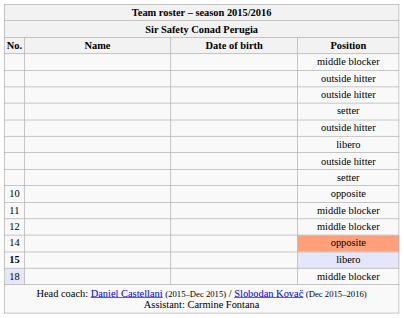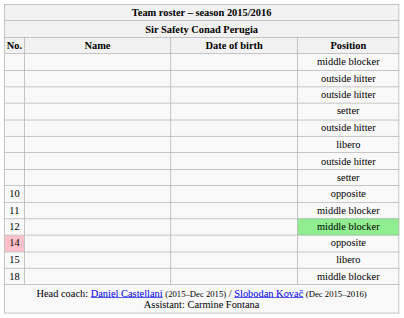 <table class="wikitable collapsible collapsed sortable" style="font-size:100%; text-align:center;">
 <tr>
 <th colspan=6>Team roster – season 2015/2016</th>
 </tr>
 <tr>
 <th colspan=6>Sir Safety Conad Perugia</th>
 </tr>
 <tr>
 <th>No.</th>
 <th style="width:15em">Name</th>
 <th style="width:13em">Date of birth</th>
 <th style="width:10em">Position</th>
 </tr>
 <tr>
 <td></td>
 <td align=left> </td>
 <td align=right></td>
 <td>middle blocker</td>
 </tr>
 <tr>
 <td></td>
 <td align=left> </td>
 <td align=right></td>
 <td>outside hitter</td>
 </tr>
 <tr>
 <td></td>
 <td align=left>  </td>
 <td align=right></td>
 <td>outside hitter</td>
 </tr>
 <tr>
 <td></td>
 <td align=left> </td>
 <td align=right></td>
 <td>setter</td>
 </tr>
 <tr>
 <td></td>
 <td align=left> </td>
 <td align=right></td>
 <td>outside hitter</td>
 </tr>
 <tr>
 <td></td>
 <td align=left> </td>
 <td align=right></td>
 <td>libero</td>
 </tr>
 <tr>
 <td></td>
 <td align=left> </td>
 <td align=right></td>
 <td>outside hitter</td>
 </tr>
 <tr>
 <td></td>
 <td align=left> </td>
 <td align=right></td>
 <td>setter</td>
 </tr>
 <tr>
 <td>10</td>
 <td align=left> </td>
 <td align=right></td>
 <td>opposite</td>
 </tr>
 <tr>
 <td>11</td>
 <td align=left> </td>
 <td align=right></td>
 <td>middle blocker</td>
 </tr>
 <tr>
 <td>12</td>
 <td align=left> </td>
 <td align=right></td>
-<td>middle blocker</td>
+<td style="background: lightgreen;">middle blocker</td>
 </tr>
 <tr>
-<td>14</td>
+<td style="background: pink;">14</td>
 <td align=left> </td>
 <td align=right></td>
-<td style="background: lightsalmon;">opposite</td>
+<td>opposite</td>
 </tr>
 <tr>
-<td><strong>15</strong></td>
+<td>15</td>
 <td align=left> </td>
 <td align=right></td>
-<td style="background: lavender;">libero</td>
+<td>libero</td>
 </tr>
 <tr>
-<td style="background: lavender;">18</td>
+<td>18</td>
 <td align=left> </td>
 <td align=right></td>
 <td>middle blocker</td>
 </tr>
 <tr class="sortbottom">
 <td colspan=4>Head coach:  <a href='#'>Daniel Castellani</a> <small>(2015–Dec 2015)</small> /  <a href='#'>Slobodan Kovač</a> <small>(Dec 2015–2016)</small><br>  Assistant: Carmine Fontana</td>
 </tr>
 </table>
